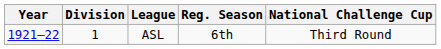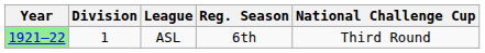 <table class="wikitable" style="text-align:center">
 <tr>
 <th>Year</th>
 <th>Division</th>
 <th>League</th>
 <th>Reg. Season</th>
 <th>National Challenge Cup</th>
 </tr>
 <tr>
-<td><a href='#'>1921–22</a></td>
+<td style="background: lightgreen;"><a href='#'>1921–22</a></td>
 <td rowspan=2>1</td>
 <td rowspan=2>ASL</td>
 <td>6th</td>
 <td>Third Round</td>
 </tr>
 </table>
